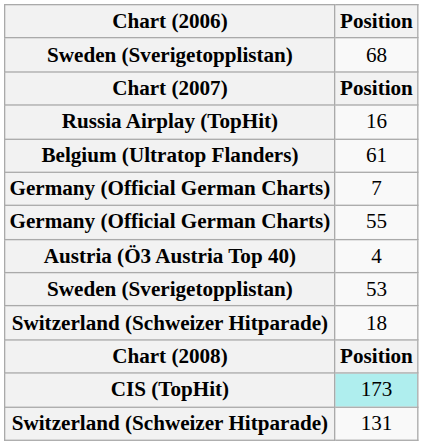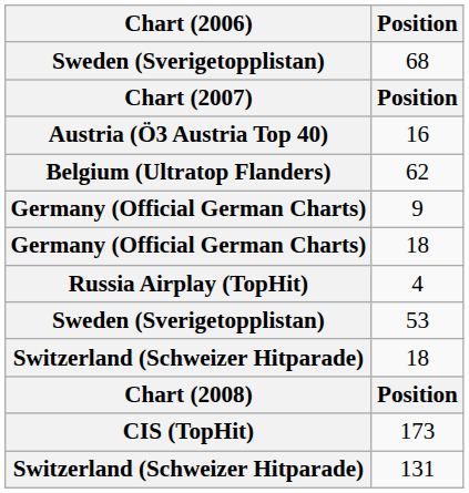 <table class="wikitable plainrowheaders" style="text-align:center">
 <tr>
 <th scope="col">Chart (2006)</th>
 <th scope="col">Position</th>
 </tr>
 <tr>
 <th scope="row">Sweden (Sverigetopplistan)</th>
 <td style="text-align:center;">68</td>
 </tr>
 <tr>
 <th scope="col">Chart (2007)</th>
 <th scope="col">Position</th>
 </tr>
 <tr>
-<th scope="row">Russia Airplay (TopHit)</th>
+<th scope="row">Austria (Ö3 Austria Top 40)</th>
 <td style="text-align:center;">16</td>
 </tr>
 <tr>
 <th scope="row">Belgium (Ultratop Flanders)</th>
-<td style="text-align:center;">61</td>
+<td style="text-align:center;">62</td>
 </tr>
 <tr>
 <th scope="row">Germany (Official German Charts)</th>
-<td style="text-align:center;">7</td>
+<td style="text-align:center;">9</td>
 </tr>
 <tr>
 <th scope="row">Germany (Official German Charts)</th>
-<td style="text-align:center;">55</td>
+<td style="text-align:center;">18</td>
 </tr>
 <tr>
-<th scope="row">Austria (Ö3 Austria Top 40)</th>
+<th scope="row">Russia Airplay (TopHit)</th>
 <td>4</td>
 </tr>
 <tr>
 <th scope="row">Sweden (Sverigetopplistan)</th>
 <td style="text-align:center;">53</td>
 </tr>
 <tr>
 <th scope="row">Switzerland (Schweizer Hitparade)</th>
 <td style="text-align:center;">18</td>
 </tr>
 <tr>
 <th scope="col">Chart (2008)</th>
 <th scope="col">Position</th>
 </tr>
 <tr>
 <th scope="row">CIS (TopHit)</th>
-<td style="background: paleturquoise; text-align:center;">173</td>
+<td style="text-align:center;">173</td>
 </tr>
 <tr>
 <th scope="row">Switzerland (Schweizer Hitparade)</th>
 <td>131</td>
 </tr>
 </table>
